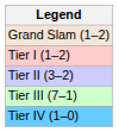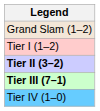 <table class="wikitable sortable">
 <tr>
 <th>Legend</th>
 </tr>
 <tr style="background:#f3e6d7;">
 <td>Grand Slam (1–2)</td>
 </tr>
 <tr style="background:#fcc;">
 <td>Tier I (1–2)</td>
 </tr>
 <tr style="background:#ccf;">
-<td>Tier II (3–2)</td>
+<td><strong>Tier II (3–2)</strong></td>
 </tr>
 <tr style="background:#cfc;">
-<td>Tier III (7–1)</td>
+<td><strong>Tier III (7–1)</strong></td>
 </tr>
 <tr style="background:#6cf;">
 <td>Tier IV (1–0)</td>
 </tr>
 </table>
